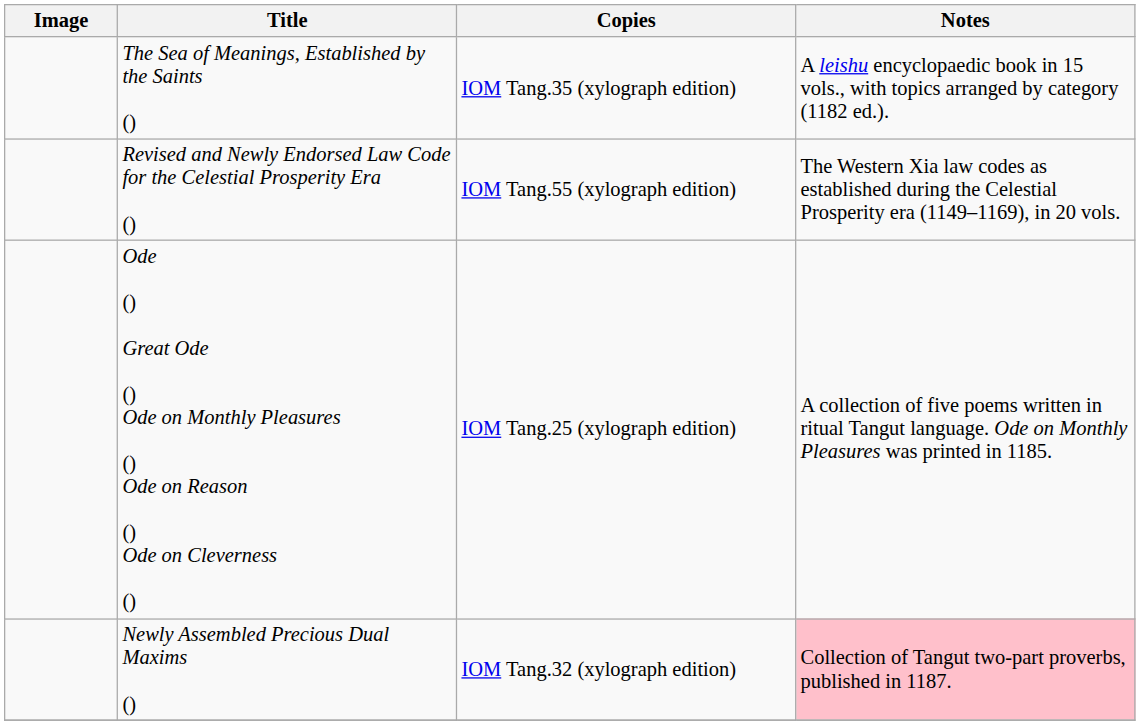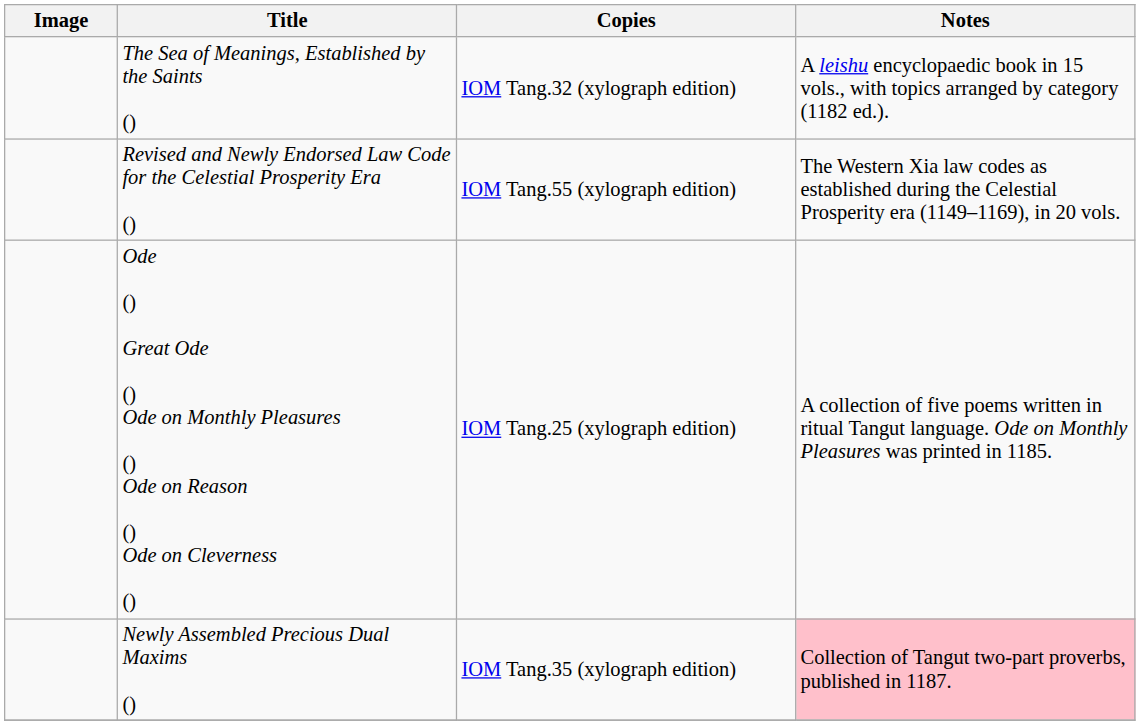 <table class="wikitable" style="width: 100%">
 <tr>
 <th width="10%">Image</th>
 <th width="30%">Title</th>
 <th width="30%">Copies</th>
 <th width="30%">Notes</th>
 </tr>
 <tr>
 <td></td>
 <td><em>The Sea of Meanings, Established by the Saints</em><br><br>()</td>
-<td><a href='#'>IOM</a> Tang.35 (xylograph edition)</td>
+<td><a href='#'>IOM</a> Tang.32 (xylograph edition)</td>
 <td>A <em><a href='#'>leishu</a></em> encyclopaedic book in 15 vols., with topics arranged by category (1182 ed.).</td>
 </tr>
 <tr>
 <td></td>
 <td><em>Revised and Newly Endorsed Law Code for the Celestial Prosperity Era</em><br><br>()</td>
 <td><a href='#'>IOM</a> Tang.55 (xylograph edition)</td>
 <td>The Western Xia law codes as established during the Celestial Prosperity era (1149–1169), in 20 vols.</td>
 </tr>
 <tr>
 <td></td>
 <td><em>Ode</em><br><br>()<br><br><em>Great Ode</em><br><br>()<br> <em>Ode on Monthly Pleasures</em><br><br>()<br> <em>Ode on Reason</em><br><br>()<br> <em>Ode on Cleverness</em><br><br>()</td>
 <td><a href='#'>IOM</a> Tang.25 (xylograph edition)</td>
 <td>A collection of five poems written in ritual Tangut language. <em>Ode on Monthly Pleasures</em> was printed in 1185.</td>
 </tr>
 <tr>
 <td></td>
 <td><em>Newly Assembled Precious Dual Maxims</em><br><br>()</td>
-<td><a href='#'>IOM</a> Tang.32 (xylograph edition)</td>
+<td><a href='#'>IOM</a> Tang.35 (xylograph edition)</td>
 <td style="background: pink;">Collection of Tangut two-part proverbs, published in 1187.</td>
 </tr>
 <tr>
 </tr>
 </table>
